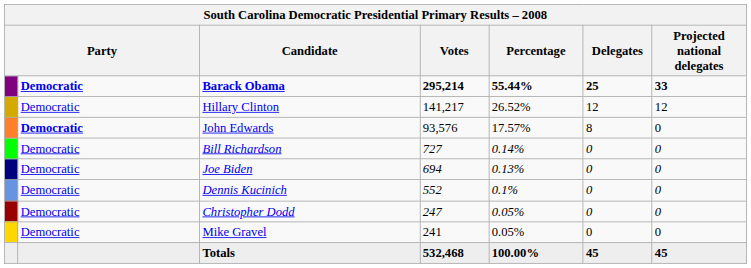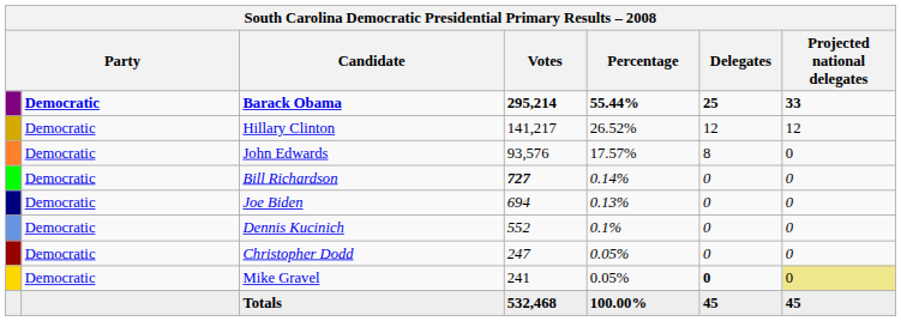 <table class="wikitable" style="font-size: 95%;">
 <tr>
 <th colspan="7">South Carolina Democratic Presidential Primary Results – 2008</th>
 </tr>
 <tr>
 <th colspan="2" style="width: 15em">Party</th>
 <th style="width: 17em">Candidate</th>
 <th style="width: 5em">Votes</th>
 <th style="width: 7em">Percentage</th>
 <th style="width: 5em">Delegates</th>
 <th style="width: 7em">Projected national delegates</th>
 </tr>
 <tr>
 <th style="background-color:#800080; width: 3px"></th>
 <td style="width: 130px"><strong> <a href='#'>Democratic</a></strong></td>
 <td align="left"><strong><a href='#'>Barack Obama</a></strong></td>
 <td><strong>295,214</strong></td>
 <td><strong>55.44%</strong></td>
 <td><strong>25</strong></td>
 <td><strong>33</strong></td>
 </tr>
 <tr>
 <th style="background-color:#d4aa00; width: 3px"></th>
 <td style="width: 130px"><a href='#'>Democratic</a></td>
 <td align="left"><a href='#'>Hillary Clinton</a></td>
 <td>141,217</td>
 <td>26.52%</td>
 <td>12</td>
 <td>12</td>
 </tr>
 <tr>
 <th style="background-color:#ff7f2a; width: 3px"></th>
-<td style="width: 130px"><strong><a href='#'>Democratic</a></strong></td>
+<td style="width: 130px"><a href='#'>Democratic</a></td>
 <td align="left"><a href='#'>John Edwards</a></td>
 <td>93,576</td>
 <td>17.57%</td>
 <td>8</td>
 <td>0</td>
 </tr>
 <tr>
 <th style="background-color:#00FF00; width: 3px"></th>
 <td style="width: 130px"><a href='#'>Democratic</a></td>
 <td align="left"><em><a href='#'>Bill Richardson</a></em></td>
-<td><em>727</em></td>
+<td><strong><em>727</em></strong></td>
 <td><em>0.14%</em></td>
 <td><em>0</em></td>
 <td><em>0</em></td>
 </tr>
 <tr>
 <th style="background-color:#00007f; width: 3px"></th>
 <td style="width: 130px"><a href='#'>Democratic</a></td>
 <td align="left"><em><a href='#'>Joe Biden</a></em></td>
 <td><em>694</em></td>
 <td><em>0.13%</em></td>
 <td><em>0</em></td>
 <td><em>0</em></td>
 </tr>
 <tr>
 <th style="background-color:#6794e0; width: 3px"></th>
 <td style="width: 130px"><a href='#'>Democratic</a></td>
 <td align="left"><em><a href='#'>Dennis Kucinich</a></em></td>
 <td><em>552</em></td>
 <td><em>0.1%</em></td>
 <td><em>0</em></td>
 <td><em>0</em></td>
 </tr>
 <tr>
 <th style="background-color:#990000; width: 3px"></th>
 <td style="width: 130px"><a href='#'>Democratic</a></td>
 <td align="left"><em><a href='#'>Christopher Dodd</a></em></td>
 <td><em>247</em></td>
 <td><em>0.05%</em></td>
 <td><em>0</em></td>
 <td><em>0</em></td>
 </tr>
 <tr>
 <th style="background-color:#ffd700; width: 3px"></th>
 <td style="width: 130px"><a href='#'>Democratic</a></td>
 <td align="left"><a href='#'>Mike Gravel</a></td>
 <td>241</td>
 <td>0.05%</td>
-<td>0</td>
-<td>0</td>
+<td><strong>0</strong></td>
+<td style="background: khaki;">0</td>
 </tr>
 <tr bgcolor="#EEEEEE" style="margin-right:0.5em">
 <td></td>
 <td></td>
 <td><strong>Totals</strong></td>
 <td><strong>532,468</strong></td>
 <td><strong>100.00%</strong></td>
 <td><strong>45</strong></td>
 <td><strong>45</strong></td>
 </tr>
 </table>
